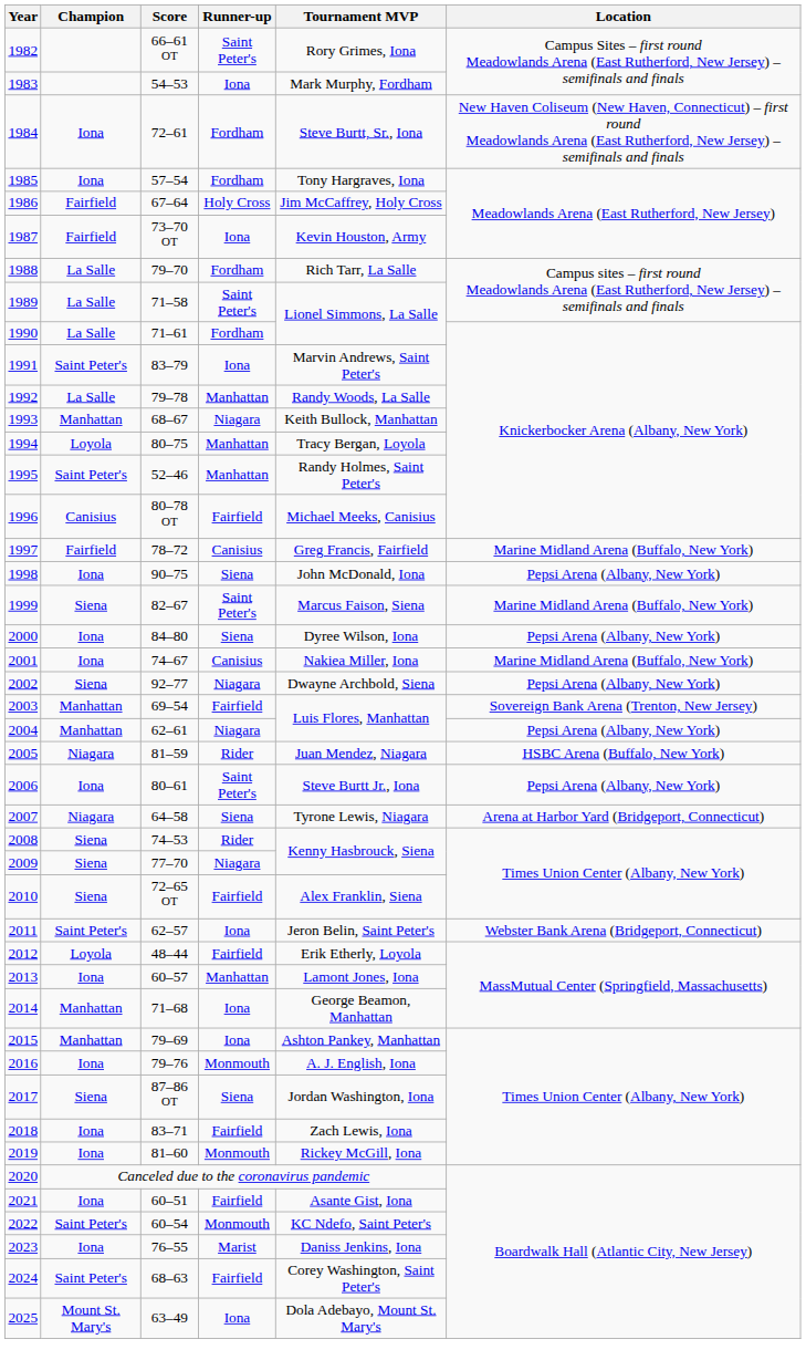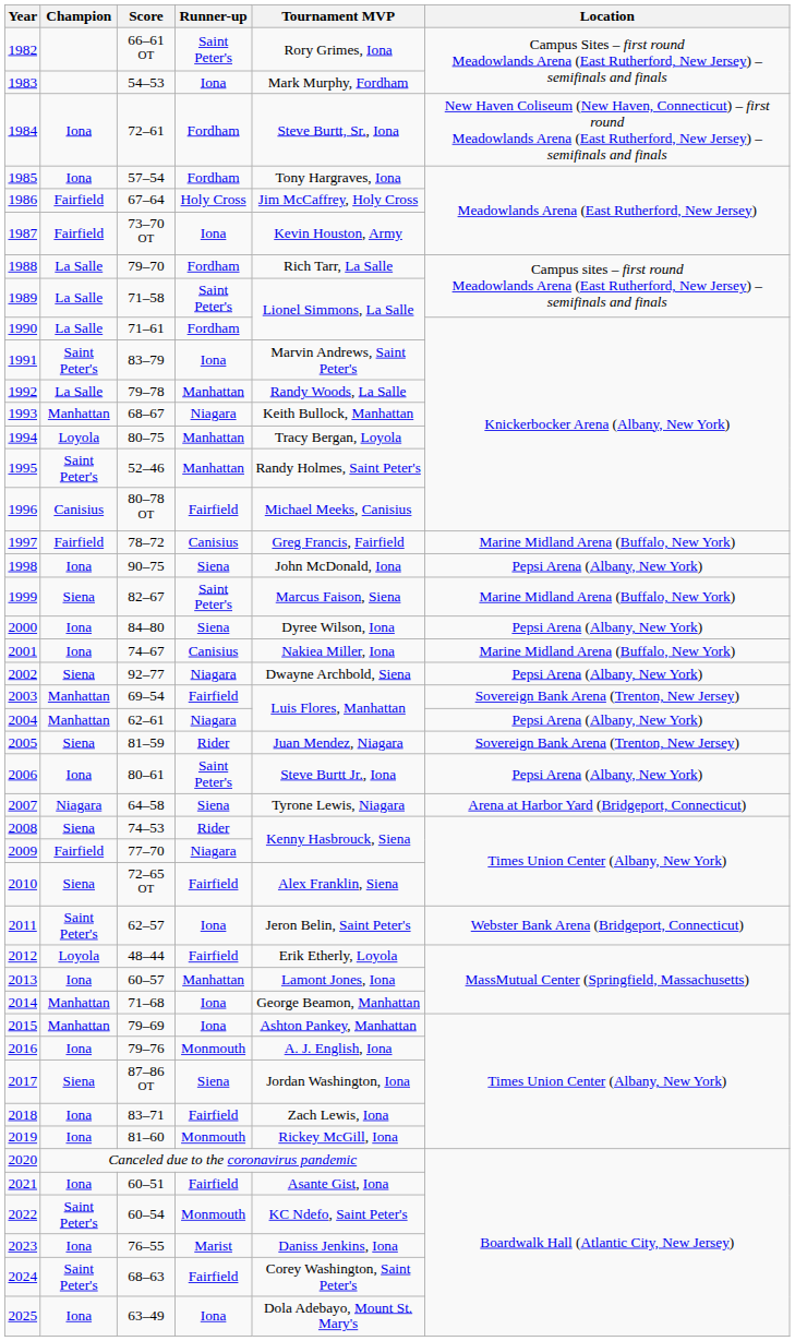 <table class="wikitable sortable" style="text-align:center">
 <tr>
 <th width=px>Year</th>
 <th width=px>Champion</th>
 <th width=px>Score</th>
 <th width=px>Runner-up</th>
 <th width=px>Tournament MVP</th>
 <th width=px>Location</th>
 </tr>
 <tr>
 <td><a href='#'>1982</a></td>
 <td></td>
 <td>66–61 <sup>OT</sup></td>
 <td><a href='#'>Saint Peter's</a></td>
 <td>Rory Grimes, <a href='#'>Iona</a></td>
 <td rowspan=2>Campus Sites – <em>first round</em><br><a href='#'>Meadowlands Arena</a> (<a href='#'>East Rutherford, New Jersey</a>) – <em>semifinals and finals</em></td>
 </tr>
 <tr>
 <td><a href='#'>1983</a></td>
 <td></td>
 <td>54–53</td>
 <td><a href='#'>Iona</a></td>
 <td>Mark Murphy, <a href='#'>Fordham</a></td>
 </tr>
 <tr>
 <td><a href='#'>1984</a></td>
 <td><a href='#'>Iona</a></td>
 <td>72–61</td>
 <td><a href='#'>Fordham</a></td>
 <td><a href='#'>Steve Burtt, Sr.</a>, <a href='#'>Iona</a></td>
 <td><a href='#'>New Haven Coliseum</a> (<a href='#'>New Haven, Connecticut</a>) – <em>first round</em><br><a href='#'>Meadowlands Arena</a> (<a href='#'>East Rutherford, New Jersey</a>) – <em>semifinals and finals</em></td>
 </tr>
 <tr>
 <td><a href='#'>1985</a></td>
 <td><a href='#'>Iona</a></td>
 <td>57–54</td>
 <td><a href='#'>Fordham</a></td>
 <td>Tony Hargraves, <a href='#'>Iona</a></td>
 <td rowspan=3><a href='#'>Meadowlands Arena</a> (<a href='#'>East Rutherford, New Jersey</a>)</td>
 </tr>
 <tr>
 <td><a href='#'>1986</a></td>
 <td><a href='#'>Fairfield</a></td>
 <td>67–64</td>
 <td><a href='#'>Holy Cross</a></td>
 <td><a href='#'>Jim McCaffrey</a>, <a href='#'>Holy Cross</a></td>
 </tr>
 <tr>
 <td><a href='#'>1987</a></td>
 <td><a href='#'>Fairfield</a></td>
 <td>73–70 <sup>OT</sup></td>
 <td><a href='#'>Iona</a></td>
 <td><a href='#'>Kevin Houston</a>, <a href='#'>Army</a></td>
 </tr>
 <tr>
 <td><a href='#'>1988</a></td>
 <td><a href='#'>La Salle</a></td>
 <td>79–70</td>
 <td><a href='#'>Fordham</a></td>
 <td>Rich Tarr, <a href='#'>La Salle</a></td>
 <td rowspan=2>Campus sites – <em>first round</em><br><a href='#'>Meadowlands Arena</a> (<a href='#'>East Rutherford, New Jersey</a>) – <em>semifinals and finals</em></td>
 </tr>
 <tr>
 <td><a href='#'>1989</a></td>
 <td><a href='#'>La Salle</a></td>
 <td>71–58</td>
 <td><a href='#'>Saint Peter's</a></td>
 <td rowspan=2><a href='#'>Lionel Simmons</a>, <a href='#'>La Salle</a></td>
 </tr>
 <tr>
 <td><a href='#'>1990</a></td>
 <td><a href='#'>La Salle</a></td>
 <td>71–61</td>
 <td><a href='#'>Fordham</a></td>
 <td rowspan=7><a href='#'>Knickerbocker Arena</a> (<a href='#'>Albany, New York</a>)</td>
 </tr>
 <tr>
 <td><a href='#'>1991</a></td>
 <td><a href='#'>Saint Peter's</a></td>
 <td>83–79</td>
 <td><a href='#'>Iona</a></td>
 <td>Marvin Andrews, <a href='#'>Saint Peter's</a></td>
 </tr>
 <tr>
 <td><a href='#'>1992</a></td>
 <td><a href='#'>La Salle</a></td>
 <td>79–78</td>
 <td><a href='#'>Manhattan</a></td>
 <td><a href='#'>Randy Woods</a>, <a href='#'>La Salle</a></td>
 </tr>
 <tr>
 <td><a href='#'>1993</a></td>
 <td><a href='#'>Manhattan</a></td>
 <td>68–67</td>
 <td><a href='#'>Niagara</a></td>
 <td>Keith Bullock, <a href='#'>Manhattan</a></td>
 </tr>
 <tr>
 <td><a href='#'>1994</a></td>
 <td><a href='#'>Loyola</a></td>
 <td>80–75</td>
 <td><a href='#'>Manhattan</a></td>
 <td>Tracy Bergan, <a href='#'>Loyola</a></td>
 </tr>
 <tr>
 <td><a href='#'>1995</a></td>
 <td><a href='#'>Saint Peter's</a></td>
 <td>52–46</td>
 <td><a href='#'>Manhattan</a></td>
 <td>Randy Holmes, <a href='#'>Saint Peter's</a></td>
 </tr>
 <tr>
 <td><a href='#'>1996</a></td>
 <td><a href='#'>Canisius</a></td>
 <td>80–78 <sup>OT</sup></td>
 <td><a href='#'>Fairfield</a></td>
 <td><a href='#'>Michael Meeks</a>, <a href='#'>Canisius</a></td>
 </tr>
 <tr>
 <td><a href='#'>1997</a></td>
 <td><a href='#'>Fairfield</a></td>
 <td>78–72</td>
 <td><a href='#'>Canisius</a></td>
 <td><a href='#'>Greg Francis</a>, <a href='#'>Fairfield</a></td>
 <td><a href='#'>Marine Midland Arena</a> (<a href='#'>Buffalo, New York</a>)</td>
 </tr>
 <tr>
 <td><a href='#'>1998</a></td>
 <td><a href='#'>Iona</a></td>
 <td>90–75</td>
 <td><a href='#'>Siena</a></td>
 <td>John McDonald, <a href='#'>Iona</a></td>
 <td><a href='#'>Pepsi Arena</a> (<a href='#'>Albany, New York</a>)</td>
 </tr>
 <tr>
 <td><a href='#'>1999</a></td>
 <td><a href='#'>Siena</a></td>
 <td>82–67</td>
 <td><a href='#'>Saint Peter's</a></td>
 <td><a href='#'>Marcus Faison</a>, <a href='#'>Siena</a></td>
 <td><a href='#'>Marine Midland Arena</a> (<a href='#'>Buffalo, New York</a>)</td>
 </tr>
 <tr>
 <td><a href='#'>2000</a></td>
 <td><a href='#'>Iona</a></td>
 <td>84–80</td>
 <td><a href='#'>Siena</a></td>
 <td>Dyree Wilson, <a href='#'>Iona</a></td>
 <td><a href='#'>Pepsi Arena</a> (<a href='#'>Albany, New York</a>)</td>
 </tr>
 <tr>
 <td><a href='#'>2001</a></td>
 <td><a href='#'>Iona</a></td>
 <td>74–67</td>
 <td><a href='#'>Canisius</a></td>
 <td><a href='#'>Nakiea Miller</a>, <a href='#'>Iona</a></td>
 <td><a href='#'>Marine Midland Arena</a> (<a href='#'>Buffalo, New York</a>)</td>
 </tr>
 <tr>
 <td><a href='#'>2002</a></td>
 <td><a href='#'>Siena</a></td>
 <td>92–77</td>
 <td><a href='#'>Niagara</a></td>
 <td>Dwayne Archbold, <a href='#'>Siena</a></td>
 <td><a href='#'>Pepsi Arena</a> (<a href='#'>Albany, New York</a>)</td>
 </tr>
 <tr>
 <td><a href='#'>2003</a></td>
 <td><a href='#'>Manhattan</a></td>
 <td>69–54</td>
 <td><a href='#'>Fairfield</a></td>
 <td rowspan=2><a href='#'>Luis Flores</a>, <a href='#'>Manhattan</a></td>
 <td><a href='#'>Sovereign Bank Arena</a> (<a href='#'>Trenton, New Jersey</a>)</td>
 </tr>
 <tr>
 <td><a href='#'>2004</a></td>
 <td><a href='#'>Manhattan</a></td>
 <td>62–61</td>
 <td><a href='#'>Niagara</a></td>
 <td><a href='#'>Pepsi Arena</a> (<a href='#'>Albany, New York</a>)</td>
 </tr>
 <tr>
 <td><a href='#'>2005</a></td>
-<td><a href='#'>Niagara</a></td>
+<td><a href='#'>Siena</a></td>
 <td>81–59</td>
 <td><a href='#'>Rider</a></td>
 <td><a href='#'>Juan Mendez</a>, <a href='#'>Niagara</a></td>
-<td><a href='#'>HSBC Arena</a> (<a href='#'>Buffalo, New York</a>)</td>
+<td><a href='#'>Sovereign Bank Arena</a> (<a href='#'>Trenton, New Jersey</a>)</td>
 </tr>
 <tr>
 <td><a href='#'>2006</a></td>
 <td><a href='#'>Iona</a></td>
 <td>80–61</td>
 <td><a href='#'>Saint Peter's</a></td>
 <td><a href='#'>Steve Burtt Jr.</a>, <a href='#'>Iona</a></td>
 <td><a href='#'>Pepsi Arena</a> (<a href='#'>Albany, New York</a>)</td>
 </tr>
 <tr>
 <td><a href='#'>2007</a></td>
 <td><a href='#'>Niagara</a></td>
 <td>64–58</td>
 <td><a href='#'>Siena</a></td>
 <td>Tyrone Lewis, <a href='#'>Niagara</a></td>
 <td><a href='#'>Arena at Harbor Yard</a> (<a href='#'>Bridgeport, Connecticut</a>)</td>
 </tr>
 <tr>
 <td><a href='#'>2008</a></td>
 <td><a href='#'>Siena</a></td>
 <td>74–53</td>
 <td><a href='#'>Rider</a></td>
 <td rowspan=2><a href='#'>Kenny Hasbrouck</a>, <a href='#'>Siena</a></td>
 <td rowspan=3><a href='#'>Times Union Center</a> (<a href='#'>Albany, New York</a>)</td>
 </tr>
 <tr>
 <td><a href='#'>2009</a></td>
-<td><a href='#'>Siena</a></td>
+<td><a href='#'>Fairfield</a></td>
 <td>77–70</td>
 <td><a href='#'>Niagara</a></td>
 </tr>
 <tr>
 <td><a href='#'>2010</a></td>
 <td><a href='#'>Siena</a></td>
 <td>72–65 <sup>OT</sup></td>
 <td><a href='#'>Fairfield</a></td>
 <td><a href='#'>Alex Franklin</a>, <a href='#'>Siena</a></td>
 </tr>
 <tr>
 <td><a href='#'>2011</a></td>
 <td><a href='#'>Saint Peter's</a></td>
 <td>62–57</td>
 <td><a href='#'>Iona</a></td>
 <td>Jeron Belin, <a href='#'>Saint Peter's</a></td>
 <td><a href='#'>Webster Bank Arena</a> (<a href='#'>Bridgeport, Connecticut</a>)</td>
 </tr>
 <tr>
 <td><a href='#'>2012</a></td>
 <td><a href='#'>Loyola</a></td>
 <td>48–44</td>
 <td><a href='#'>Fairfield</a></td>
 <td>Erik Etherly, <a href='#'>Loyola</a></td>
 <td rowspan=3><a href='#'>MassMutual Center</a> (<a href='#'>Springfield, Massachusetts</a>)</td>
 </tr>
 <tr>
 <td><a href='#'>2013</a></td>
 <td><a href='#'>Iona</a></td>
 <td>60–57</td>
 <td><a href='#'>Manhattan</a></td>
 <td><a href='#'>Lamont Jones</a>, <a href='#'>Iona</a></td>
 </tr>
 <tr>
 <td><a href='#'>2014</a></td>
 <td><a href='#'>Manhattan</a></td>
 <td>71–68</td>
 <td><a href='#'>Iona</a></td>
 <td>George Beamon, <a href='#'>Manhattan</a></td>
 </tr>
 <tr>
 <td><a href='#'>2015</a></td>
 <td><a href='#'>Manhattan</a></td>
 <td>79–69</td>
 <td><a href='#'>Iona</a></td>
 <td><a href='#'>Ashton Pankey</a>, <a href='#'>Manhattan</a></td>
 <td rowspan=5><a href='#'>Times Union Center</a> (<a href='#'>Albany, New York</a>)</td>
 </tr>
 <tr>
 <td><a href='#'>2016</a></td>
 <td><a href='#'>Iona</a></td>
 <td>79–76</td>
 <td><a href='#'>Monmouth</a></td>
 <td><a href='#'>A. J. English</a>, <a href='#'>Iona</a></td>
 </tr>
 <tr>
 <td><a href='#'>2017</a></td>
 <td><a href='#'>Siena</a></td>
 <td>87–86 <sup>OT</sup></td>
 <td><a href='#'>Siena</a></td>
 <td>Jordan Washington, <a href='#'>Iona</a></td>
 </tr>
 <tr>
 <td><a href='#'>2018</a></td>
 <td><a href='#'>Iona</a></td>
 <td>83–71</td>
 <td><a href='#'>Fairfield</a></td>
 <td>Zach Lewis, <a href='#'>Iona</a></td>
 </tr>
 <tr>
 <td><a href='#'>2019</a></td>
 <td><a href='#'>Iona</a></td>
 <td>81–60</td>
 <td><a href='#'>Monmouth</a></td>
 <td><a href='#'>Rickey McGill</a>, <a href='#'>Iona</a></td>
 </tr>
 <tr>
 <td><a href='#'>2020</a></td>
 <td colspan=4><em>Canceled due to the <a href='#'>coronavirus pandemic</a></em></td>
 <td rowspan=6><a href='#'>Boardwalk Hall</a> (<a href='#'>Atlantic City, New Jersey</a>)</td>
 </tr>
 <tr>
 <td><a href='#'>2021</a></td>
 <td><a href='#'>Iona</a></td>
 <td>60–51</td>
 <td><a href='#'>Fairfield</a></td>
 <td><a href='#'>Asante Gist</a>, <a href='#'>Iona</a></td>
 </tr>
 <tr>
 <td><a href='#'>2022</a></td>
 <td><a href='#'>Saint Peter's</a></td>
 <td>60–54</td>
 <td><a href='#'>Monmouth</a></td>
 <td><a href='#'>KC Ndefo</a>, <a href='#'>Saint Peter's</a></td>
 </tr>
 <tr>
 <td><a href='#'>2023</a></td>
 <td><a href='#'>Iona</a></td>
 <td>76–55</td>
 <td><a href='#'>Marist</a></td>
 <td><a href='#'>Daniss Jenkins</a>, <a href='#'>Iona</a></td>
 </tr>
 <tr>
 <td><a href='#'>2024</a></td>
 <td><a href='#'>Saint Peter's</a></td>
 <td>68–63</td>
 <td><a href='#'>Fairfield</a></td>
 <td>Corey Washington, <a href='#'>Saint Peter's</a></td>
 </tr>
 <tr>
 <td><a href='#'>2025</a></td>
-<td><a href='#'>Mount St. Mary's</a></td>
+<td><a href='#'>Iona</a></td>
 <td>63–49</td>
 <td><a href='#'>Iona</a></td>
 <td>Dola Adebayo, <a href='#'>Mount St. Mary's</a></td>
 </tr>
 </table>
